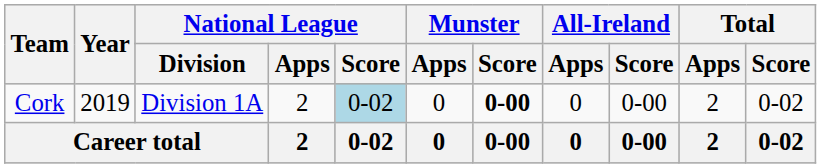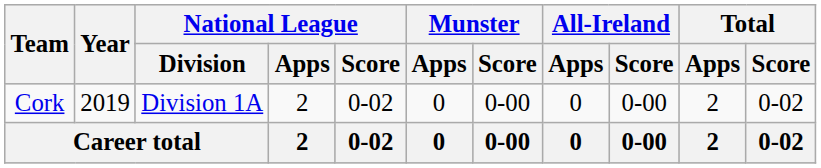 <table class="wikitable" style="text-align:center">
 <tr>
 <th rowspan="2">Team</th>
 <th rowspan="2">Year</th>
 <th colspan="3"><a href='#'>National League</a></th>
 <th colspan="2"><a href='#'>Munster</a></th>
 <th colspan="2"><a href='#'>All-Ireland</a></th>
 <th colspan="2">Total</th>
 </tr>
 <tr>
 <th>Division</th>
 <th>Apps</th>
 <th>Score</th>
 <th>Apps</th>
 <th>Score</th>
 <th>Apps</th>
 <th>Score</th>
 <th>Apps</th>
 <th>Score</th>
 </tr>
 <tr>
 <td rowspan="1"><a href='#'>Cork</a></td>
 <td>2019</td>
 <td rowspan="1"><a href='#'>Division 1A</a></td>
 <td>2</td>
-<td style="background: lightblue;">0-02</td>
+<td>0-02</td>
 <td>0</td>
-<td><strong>0-00</strong></td>
+<td>0-00</td>
 <td>0</td>
 <td>0-00</td>
 <td>2</td>
 <td>0-02</td>
 </tr>
 <tr>
 <th colspan="3">Career total</th>
 <th>2</th>
 <th>0-02</th>
 <th>0</th>
 <th>0-00</th>
 <th>0</th>
 <th>0-00</th>
 <th>2</th>
 <th>0-02</th>
 </tr>
 </table>
